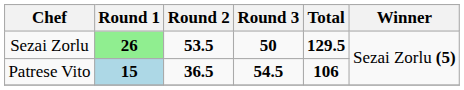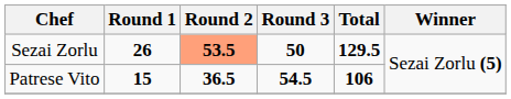 <table class="wikitable"  style="float:left; margin:auto; text-align:center;">
 <tr>
 <th>Chef</th>
 <th>Round 1</th>
 <th>Round 2</th>
 <th>Round 3</th>
 <th>Total</th>
 <th>Winner</th>
 </tr>
 <tr>
 <td>Sezai Zorlu</td>
-<td style="background: lightgreen;"><strong>26</strong></td>
-<td><strong>53.5</strong></td>
+<td><strong>26</strong></td>
+<td style="background: lightsalmon;"><strong>53.5</strong></td>
 <td><strong>50</strong></td>
 <td><strong>129.5</strong></td>
 <td rowspan=2>Sezai Zorlu <strong>(5)</strong></td>
 </tr>
 <tr>
 <td>Patrese Vito</td>
-<td style="background: lightblue;"><strong>15</strong></td>
+<td><strong>15</strong></td>
 <td><strong>36.5</strong></td>
 <td><strong>54.5</strong></td>
 <td><strong>106</strong></td>
 </tr>
 <tr>
 </tr>
 </table>
